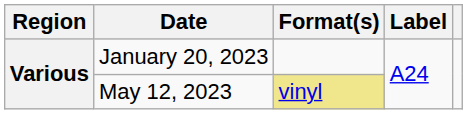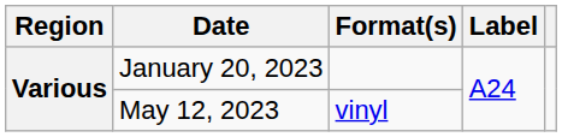 <table class="wikitable plainrowheaders">
 <tr>
 <th scope="col">Region</th>
 <th scope="col">Date</th>
 <th scope="col">Format(s)</th>
 <th scope="col">Label</th>
 <th scope="col"></th>
 </tr>
 <tr>
 <th rowspan="2" scope="row">Various</th>
 <td>January 20, 2023</td>
 <td></td>
 <td rowspan="2"><a href='#'>A24</a></td>
 <td rowspan="2" align="center"></td>
 </tr>
 <tr>
 <td>May 12, 2023</td>
-<td style="background: khaki;"><a href='#'>vinyl</a></td>
+<td><a href='#'>vinyl</a></td>
 </tr>
 </table>
